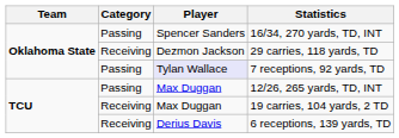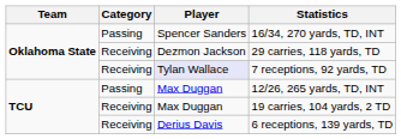 <table class="wikitable" style="float: right;">
 <tr>
 <th>Team</th>
 <th>Category</th>
 <th>Player</th>
 <th>Statistics</th>
 </tr>
 <tr>
 <td rowspan=3><strong>Oklahoma State</strong></td>
 <td>Passing</td>
 <td>Spencer Sanders</td>
 <td>16/34, 270 yards, TD, INT</td>
 </tr>
 <tr>
 <td>Receiving</td>
 <td>Dezmon Jackson</td>
 <td>29 carries, 118 yards, TD</td>
 </tr>
 <tr>
-<td>Passing</td>
+<td>Receiving</td>
 <td style="background: lavender;">Tylan Wallace</td>
 <td>7 receptions, 92 yards, TD</td>
 </tr>
 <tr>
 <td rowspan=3><strong>TCU</strong></td>
 <td>Passing</td>
 <td><a href='#'>Max Duggan</a></td>
 <td>12/26, 265 yards, TD, INT</td>
 </tr>
 <tr>
 <td>Receiving</td>
 <td>Max Duggan</td>
 <td>19 carries, 104 yards, 2 TD</td>
 </tr>
 <tr>
 <td>Receiving</td>
 <td><a href='#'>Derius Davis</a></td>
 <td>6 receptions, 139 yards, TD</td>
 </tr>
 </table>
